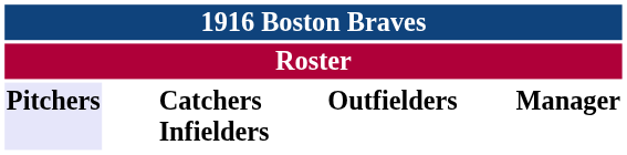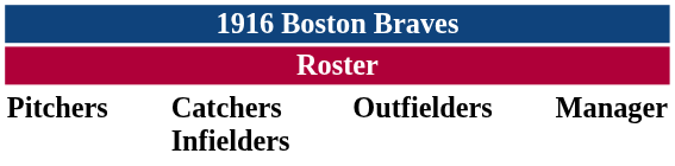 <table class="toccolours" style="font-size: 95%;">
 <tr>
 <th colspan="10" style="background-color: #0f437c; color: white; text-align: center;">1916 Boston Braves</th>
 </tr>
 <tr>
 <td colspan="10" style="background-color: #af0039; color: white; text-align: center;"><strong>Roster</strong></td>
 </tr>
 <tr>
-<td valign="top" style="background: lavender;"><strong>Pitchers</strong><br>        </td>
+<td valign="top"><strong>Pitchers</strong><br>        </td>
 <td width="25px"></td>
 <td valign="top"><strong>Catchers</strong><br>    <strong>Infielders</strong>       </td>
 <td width="25px"></td>
 <td valign="top"><strong>Outfielders</strong><br>       </td>
 <td width="25px"></td>
 <td valign="top"><strong>Manager</strong><br></td>
 </tr>
 </table>
